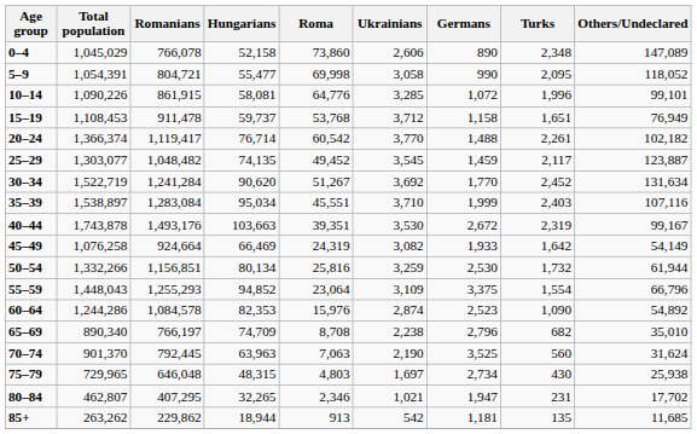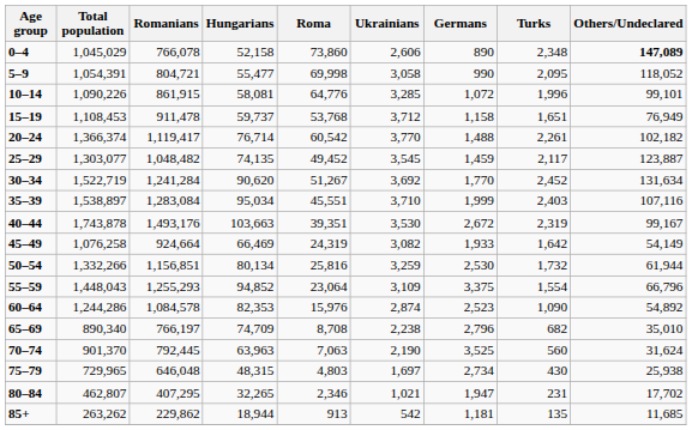 <table class="wikitable">
 <tr>
 <th style="width:40pt;">Age group</th>
 <th style="width:60pt;">Total population</th>
 <th style="width:60pt;">Romanians</th>
 <th style="width:60pt;">Hungarians</th>
 <th style="width:60pt;">Roma</th>
 <th style="width:60pt;">Ukrainians</th>
 <th style="width:60pt;">Germans</th>
 <th style="width:60pt;">Turks</th>
 <th style="width:60pt;">Others/Undeclared</th>
 </tr>
 <tr>
 <td><strong>0–4</strong></td>
 <td style="text-align:right;">1,045,029</td>
 <td style="text-align:right;">766,078</td>
 <td style="text-align:right;">52,158</td>
 <td style="text-align:right;">73,860</td>
 <td style="text-align:right;">2,606</td>
 <td style="text-align:right;">890</td>
 <td style="text-align:right;">2,348</td>
-<td style="text-align:right;">147,089</td>
+<td style="text-align:right;"><strong>147,089</strong></td>
 </tr>
 <tr>
 <td><strong>5–9</strong></td>
 <td style="text-align:right;">1,054,391</td>
 <td style="text-align:right;">804,721</td>
 <td style="text-align:right;">55,477</td>
 <td style="text-align:right;">69,998</td>
 <td style="text-align:right;">3,058</td>
 <td style="text-align:right;">990</td>
 <td style="text-align:right;">2,095</td>
 <td style="text-align:right;">118,052</td>
 </tr>
 <tr>
 <td><strong>10–14</strong></td>
 <td style="text-align:right;">1,090,226</td>
 <td style="text-align:right;">861,915</td>
 <td style="text-align:right;">58,081</td>
 <td style="text-align:right;">64,776</td>
 <td style="text-align:right;">3,285</td>
 <td style="text-align:right;">1,072</td>
 <td style="text-align:right;">1,996</td>
 <td style="text-align:right;">99,101</td>
 </tr>
 <tr>
 <td><strong>15–19</strong></td>
 <td style="text-align:right;">1,108,453</td>
 <td style="text-align:right;">911,478</td>
 <td style="text-align:right;">59,737</td>
 <td style="text-align:right;">53,768</td>
 <td style="text-align:right;">3,712</td>
 <td style="text-align:right;">1,158</td>
 <td style="text-align:right;">1,651</td>
 <td style="text-align:right;">76,949</td>
 </tr>
 <tr>
 <td><strong>20–24</strong></td>
 <td style="text-align:right;">1,366,374</td>
 <td style="text-align:right;">1,119,417</td>
 <td style="text-align:right;">76,714</td>
 <td style="text-align:right;">60,542</td>
 <td style="text-align:right;">3,770</td>
 <td style="text-align:right;">1,488</td>
 <td style="text-align:right;">2,261</td>
 <td style="text-align:right;">102,182</td>
 </tr>
 <tr>
 <td><strong>25–29</strong></td>
 <td style="text-align:right;">1,303,077</td>
 <td style="text-align:right;">1,048,482</td>
 <td style="text-align:right;">74,135</td>
 <td style="text-align:right;">49,452</td>
 <td style="text-align:right;">3,545</td>
 <td style="text-align:right;">1,459</td>
 <td style="text-align:right;">2,117</td>
 <td style="text-align:right;">123,887</td>
 </tr>
 <tr>
 <td><strong>30–34</strong></td>
 <td style="text-align:right;">1,522,719</td>
 <td style="text-align:right;">1,241,284</td>
 <td style="text-align:right;">90,620</td>
 <td style="text-align:right;">51,267</td>
 <td style="text-align:right;">3,692</td>
 <td style="text-align:right;">1,770</td>
 <td style="text-align:right;">2,452</td>
 <td style="text-align:right;">131,634</td>
 </tr>
 <tr>
 <td><strong>35–39</strong></td>
 <td style="text-align:right;">1,538,897</td>
 <td style="text-align:right;">1,283,084</td>
 <td style="text-align:right;">95,034</td>
 <td style="text-align:right;">45,551</td>
 <td style="text-align:right;">3,710</td>
 <td style="text-align:right;">1,999</td>
 <td style="text-align:right;">2,403</td>
 <td style="text-align:right;">107,116</td>
 </tr>
 <tr>
 <td><strong>40–44</strong></td>
 <td style="text-align:right;">1,743,878</td>
 <td style="text-align:right;">1,493,176</td>
 <td style="text-align:right;">103,663</td>
 <td style="text-align:right;">39,351</td>
 <td style="text-align:right;">3,530</td>
 <td style="text-align:right;">2,672</td>
 <td style="text-align:right;">2,319</td>
 <td style="text-align:right;">99,167</td>
 </tr>
 <tr>
 <td><strong>45–49</strong></td>
 <td style="text-align:right;">1,076,258</td>
 <td style="text-align:right;">924,664</td>
 <td style="text-align:right;">66,469</td>
 <td style="text-align:right;">24,319</td>
 <td style="text-align:right;">3,082</td>
 <td style="text-align:right;">1,933</td>
 <td style="text-align:right;">1,642</td>
 <td style="text-align:right;">54,149</td>
 </tr>
 <tr>
 <td><strong>50–54</strong></td>
 <td style="text-align:right;">1,332,266</td>
 <td style="text-align:right;">1,156,851</td>
 <td style="text-align:right;">80,134</td>
 <td style="text-align:right;">25,816</td>
 <td style="text-align:right;">3,259</td>
 <td style="text-align:right;">2,530</td>
 <td style="text-align:right;">1,732</td>
 <td style="text-align:right;">61,944</td>
 </tr>
 <tr>
 <td><strong>55–59</strong></td>
 <td style="text-align:right;">1,448,043</td>
 <td style="text-align:right;">1,255,293</td>
 <td style="text-align:right;">94,852</td>
 <td style="text-align:right;">23,064</td>
 <td style="text-align:right;">3,109</td>
 <td style="text-align:right;">3,375</td>
 <td style="text-align:right;">1,554</td>
 <td style="text-align:right;">66,796</td>
 </tr>
 <tr>
 <td><strong>60–64</strong></td>
 <td style="text-align:right;">1,244,286</td>
 <td style="text-align:right;">1,084,578</td>
 <td style="text-align:right;">82,353</td>
 <td style="text-align:right;">15,976</td>
 <td style="text-align:right;">2,874</td>
 <td style="text-align:right;">2,523</td>
 <td style="text-align:right;">1,090</td>
 <td style="text-align:right;">54,892</td>
 </tr>
 <tr>
 <td><strong>65–69</strong></td>
 <td style="text-align:right;">890,340</td>
 <td style="text-align:right;">766,197</td>
 <td style="text-align:right;">74,709</td>
 <td style="text-align:right;">8,708</td>
 <td style="text-align:right;">2,238</td>
 <td style="text-align:right;">2,796</td>
 <td style="text-align:right;">682</td>
 <td style="text-align:right;">35,010</td>
 </tr>
 <tr>
 <td><strong>70–74</strong></td>
 <td style="text-align:right;">901,370</td>
 <td style="text-align:right;">792,445</td>
 <td style="text-align:right;">63,963</td>
 <td style="text-align:right;">7,063</td>
 <td style="text-align:right;">2,190</td>
 <td style="text-align:right;">3,525</td>
 <td style="text-align:right;">560</td>
 <td style="text-align:right;">31,624</td>
 </tr>
 <tr>
 <td><strong>75–79</strong></td>
 <td style="text-align:right;">729,965</td>
 <td style="text-align:right;">646,048</td>
 <td style="text-align:right;">48,315</td>
 <td style="text-align:right;">4,803</td>
 <td style="text-align:right;">1,697</td>
 <td style="text-align:right;">2,734</td>
 <td style="text-align:right;">430</td>
 <td style="text-align:right;">25,938</td>
 </tr>
 <tr>
 <td><strong>80–84</strong></td>
 <td style="text-align:right;">462,807</td>
 <td style="text-align:right;">407,295</td>
 <td style="text-align:right;">32,265</td>
 <td style="text-align:right;">2,346</td>
 <td style="text-align:right;">1,021</td>
 <td style="text-align:right;">1,947</td>
 <td style="text-align:right;">231</td>
 <td style="text-align:right;">17,702</td>
 </tr>
 <tr>
 <td><strong>85+</strong></td>
 <td style="text-align:right;">263,262</td>
 <td style="text-align:right;">229,862</td>
 <td style="text-align:right;">18,944</td>
 <td style="text-align:right;">913</td>
 <td style="text-align:right;">542</td>
 <td style="text-align:right;">1,181</td>
 <td style="text-align:right;">135</td>
 <td style="text-align:right;">11,685</td>
 </tr>
 <tr>
 </tr>
 </table>
